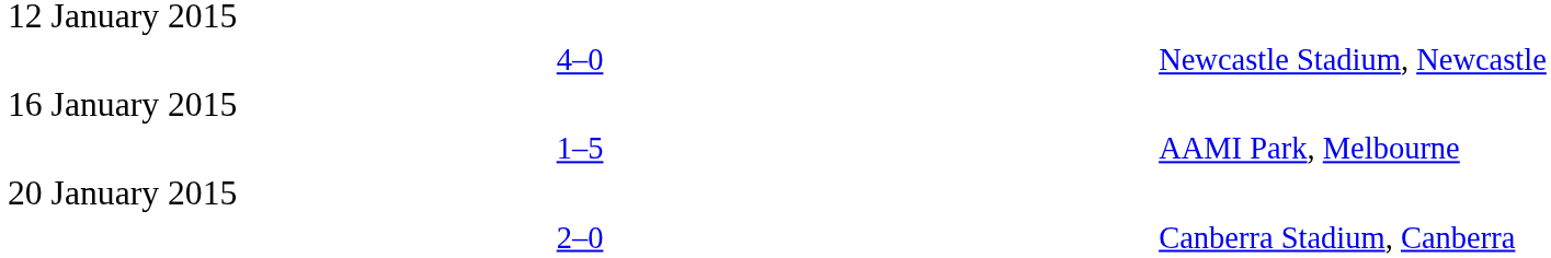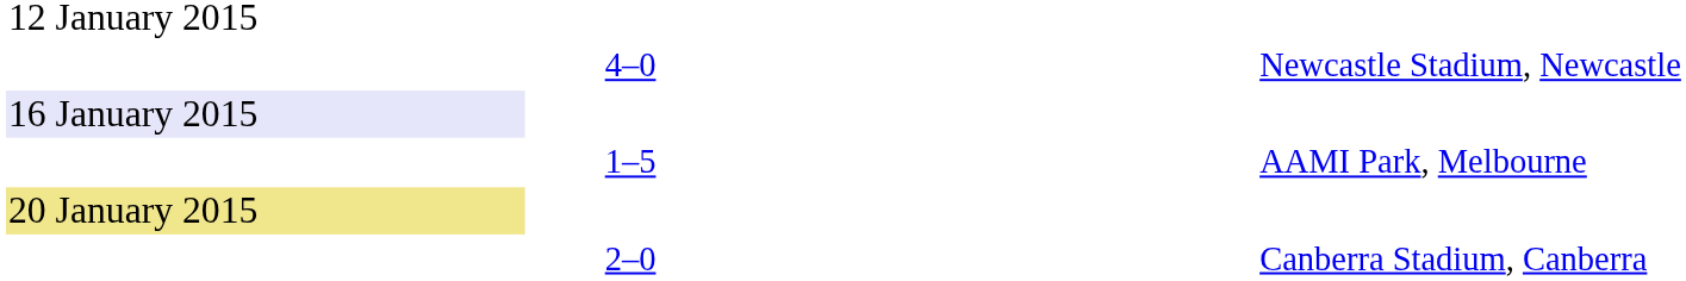 <table style="width:100%" cellspacing="1">
 <tr>
 <th width=25%></th>
 <th width=10%></th>
 <th width=25%></th>
 </tr>
 <tr>
 <td>12 January 2015</td>
 </tr>
 <tr style=font-size:90%>
 <td align=right></td>
 <td align=center><a href='#'>4–0</a></td>
 <td></td>
 <td><a href='#'>Newcastle Stadium</a>, <a href='#'>Newcastle</a></td>
 </tr>
 <tr>
-<td>16 January 2015</td>
+<td style="background: lavender;">16 January 2015</td>
 </tr>
 <tr style=font-size:90%>
 <td align=right></td>
 <td align=center><a href='#'>1–5</a></td>
 <td></td>
 <td><a href='#'>AAMI Park</a>, <a href='#'>Melbourne</a></td>
 </tr>
 <tr>
-<td>20 January 2015</td>
+<td style="background: khaki;">20 January 2015</td>
 </tr>
 <tr style=font-size:90%>
 <td align=right></td>
 <td align=center><a href='#'>2–0</a></td>
 <td></td>
 <td><a href='#'>Canberra Stadium</a>, <a href='#'>Canberra</a></td>
 </tr>
 </table>
